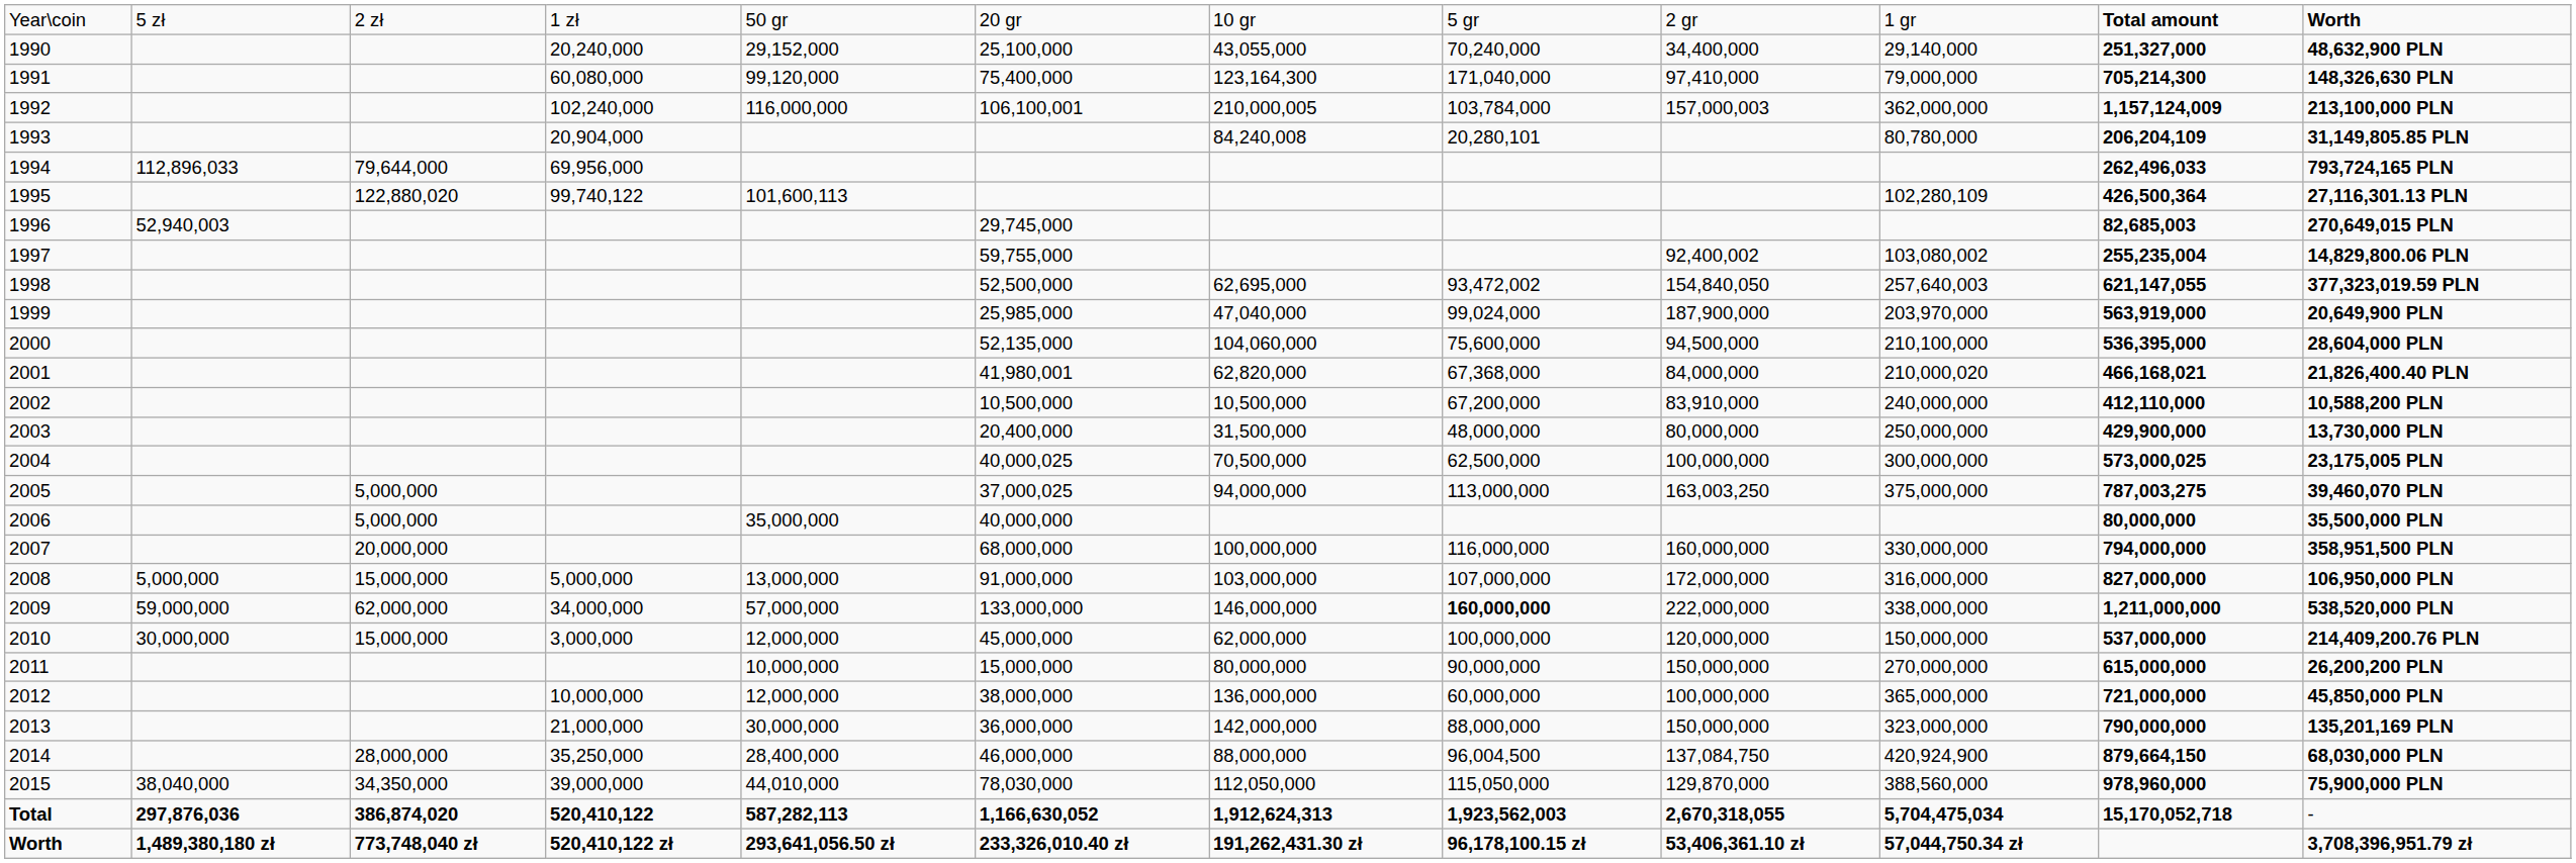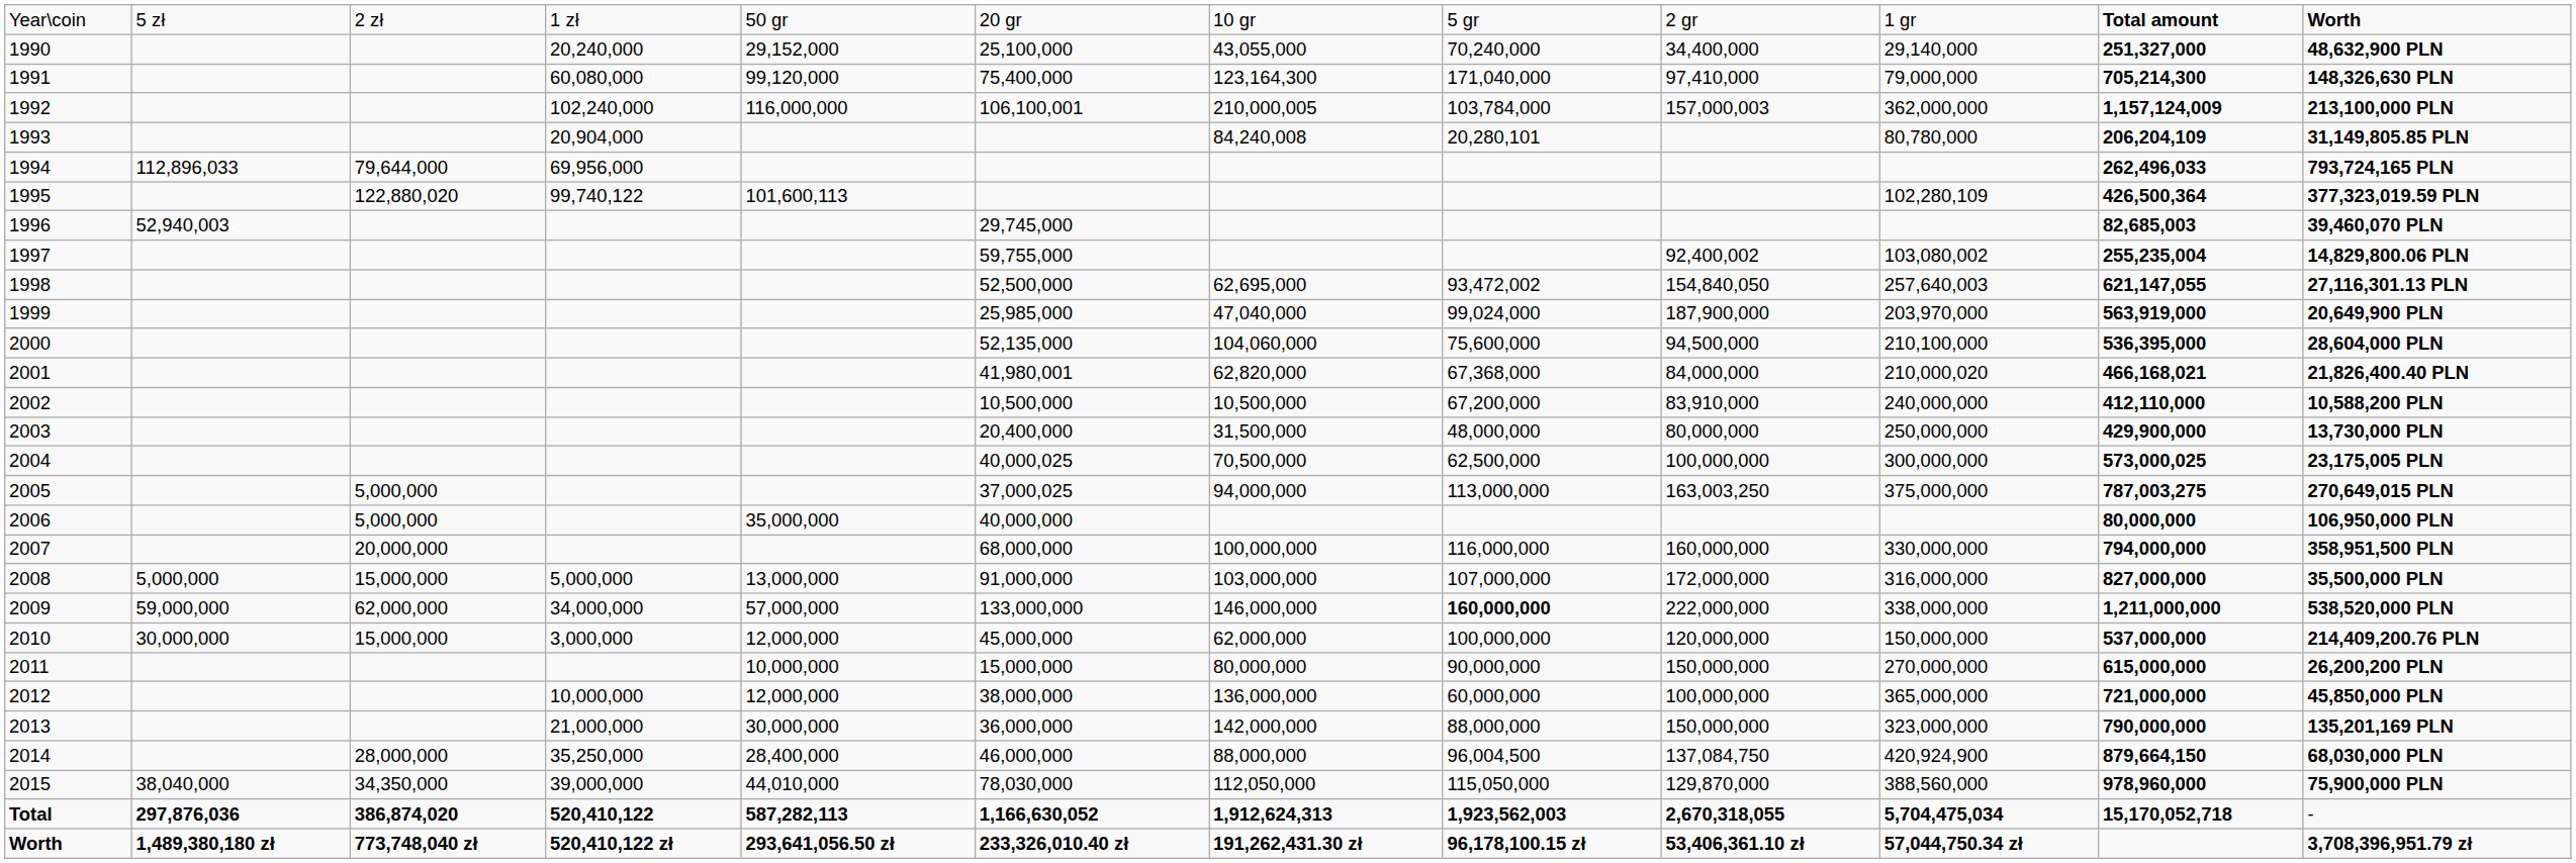 <table class="wikitable" style="font-size: 90%; width: 100%">
 <tr>
 <td>Year\coin</td>
 <td>5 zł</td>
 <td>2 zł</td>
 <td>1 zł</td>
 <td>50 gr</td>
 <td>20 gr</td>
 <td>10 gr</td>
 <td>5 gr</td>
 <td>2 gr</td>
 <td>1 gr</td>
 <td><strong>Total amount</strong></td>
 <td><strong>Worth</strong></td>
 </tr>
 <tr>
 <td>1990</td>
 <td></td>
 <td></td>
 <td>20,240,000</td>
 <td>29,152,000</td>
 <td>25,100,000</td>
 <td>43,055,000</td>
 <td>70,240,000</td>
 <td>34,400,000</td>
 <td>29,140,000</td>
 <td><strong>251,327,000</strong></td>
 <td><strong>48,632,900 PLN</strong></td>
 </tr>
 <tr>
 <td>1991</td>
 <td></td>
 <td></td>
 <td>60,080,000</td>
 <td>99,120,000</td>
 <td>75,400,000</td>
 <td>123,164,300</td>
 <td>171,040,000</td>
 <td>97,410,000</td>
 <td>79,000,000</td>
 <td><strong>705,214,300</strong></td>
 <td><strong>148,326,630 PLN</strong></td>
 </tr>
 <tr>
 <td>1992</td>
 <td></td>
 <td></td>
 <td>102,240,000</td>
 <td>116,000,000</td>
 <td>106,100,001</td>
 <td>210,000,005</td>
 <td>103,784,000</td>
 <td>157,000,003</td>
 <td>362,000,000</td>
 <td><strong>1,157,124,009</strong></td>
 <td><strong>213,100,000 PLN</strong></td>
 </tr>
 <tr>
 <td>1993</td>
 <td></td>
 <td></td>
 <td>20,904,000</td>
 <td></td>
 <td></td>
 <td>84,240,008</td>
 <td>20,280,101</td>
 <td></td>
 <td>80,780,000</td>
 <td><strong>206,204,109</strong></td>
 <td><strong>31,149,805.85 PLN</strong></td>
 </tr>
 <tr>
 <td>1994</td>
 <td>112,896,033</td>
 <td>79,644,000</td>
 <td>69,956,000</td>
 <td></td>
 <td></td>
 <td></td>
 <td></td>
 <td></td>
 <td></td>
 <td><strong>262,496,033</strong></td>
 <td><strong>793,724,165 PLN</strong></td>
 </tr>
 <tr>
 <td>1995</td>
 <td></td>
 <td>122,880,020</td>
 <td>99,740,122</td>
 <td>101,600,113</td>
 <td></td>
 <td></td>
 <td></td>
 <td></td>
 <td>102,280,109</td>
 <td><strong>426,500,364</strong></td>
-<td><strong>27,116,301.13 PLN</strong></td>
+<td><strong>377,323,019.59 PLN</strong></td>
 </tr>
 <tr>
 <td>1996</td>
 <td>52,940,003</td>
 <td></td>
 <td></td>
 <td></td>
 <td>29,745,000</td>
 <td></td>
 <td></td>
 <td></td>
 <td></td>
 <td><strong>82,685,003</strong></td>
-<td><strong>270,649,015 PLN</strong></td>
+<td><strong>39,460,070 PLN</strong></td>
 </tr>
 <tr>
 <td>1997</td>
 <td></td>
 <td></td>
 <td></td>
 <td></td>
 <td>59,755,000</td>
 <td></td>
 <td></td>
 <td>92,400,002</td>
 <td>103,080,002</td>
 <td><strong>255,235,004</strong></td>
 <td><strong>14,829,800.06 PLN</strong></td>
 </tr>
 <tr>
 <td>1998</td>
 <td></td>
 <td></td>
 <td></td>
 <td></td>
 <td>52,500,000</td>
 <td>62,695,000</td>
 <td>93,472,002</td>
 <td>154,840,050</td>
 <td>257,640,003</td>
 <td><strong>621,147,055</strong></td>
-<td><strong>377,323,019.59 PLN</strong></td>
+<td><strong>27,116,301.13 PLN</strong></td>
 </tr>
 <tr>
 <td>1999</td>
 <td></td>
 <td></td>
 <td></td>
 <td></td>
 <td>25,985,000</td>
 <td>47,040,000</td>
 <td>99,024,000</td>
 <td>187,900,000</td>
 <td>203,970,000</td>
 <td><strong>563,919,000</strong></td>
 <td><strong>20,649,900 PLN</strong></td>
 </tr>
 <tr>
 <td>2000</td>
 <td></td>
 <td></td>
 <td></td>
 <td></td>
 <td>52,135,000</td>
 <td>104,060,000</td>
 <td>75,600,000</td>
 <td>94,500,000</td>
 <td>210,100,000</td>
 <td><strong>536,395,000</strong></td>
 <td><strong>28,604,000 PLN</strong></td>
 </tr>
 <tr>
 <td>2001</td>
 <td></td>
 <td></td>
 <td></td>
 <td></td>
 <td>41,980,001</td>
 <td>62,820,000</td>
 <td>67,368,000</td>
 <td>84,000,000</td>
 <td>210,000,020</td>
 <td><strong>466,168,021</strong></td>
 <td><strong>21,826,400.40 PLN</strong></td>
 </tr>
 <tr>
 <td>2002</td>
 <td></td>
 <td></td>
 <td></td>
 <td></td>
 <td>10,500,000</td>
 <td>10,500,000</td>
 <td>67,200,000</td>
 <td>83,910,000</td>
 <td>240,000,000</td>
 <td><strong>412,110,000</strong></td>
 <td><strong>10,588,200 PLN</strong></td>
 </tr>
 <tr>
 <td>2003</td>
 <td></td>
 <td></td>
 <td></td>
 <td></td>
 <td>20,400,000</td>
 <td>31,500,000</td>
 <td>48,000,000</td>
 <td>80,000,000</td>
 <td>250,000,000</td>
 <td><strong>429,900,000</strong></td>
 <td><strong>13,730,000 PLN</strong></td>
 </tr>
 <tr>
 <td>2004</td>
 <td></td>
 <td></td>
 <td></td>
 <td></td>
 <td>40,000,025</td>
 <td>70,500,000</td>
 <td>62,500,000</td>
 <td>100,000,000</td>
 <td>300,000,000</td>
 <td><strong>573,000,025</strong></td>
 <td><strong>23,175,005 PLN</strong></td>
 </tr>
 <tr>
 <td>2005</td>
 <td></td>
 <td>5,000,000</td>
 <td></td>
 <td></td>
 <td>37,000,025</td>
 <td>94,000,000</td>
 <td>113,000,000</td>
 <td>163,003,250</td>
 <td>375,000,000</td>
 <td><strong>787,003,275</strong></td>
-<td><strong>39,460,070 PLN</strong></td>
+<td><strong>270,649,015 PLN</strong></td>
 </tr>
 <tr>
 <td>2006</td>
 <td></td>
 <td>5,000,000</td>
 <td></td>
 <td>35,000,000</td>
 <td>40,000,000</td>
 <td></td>
 <td></td>
 <td></td>
 <td></td>
 <td><strong>80,000,000</strong></td>
-<td><strong>35,500,000 PLN</strong></td>
+<td><strong>106,950,000 PLN</strong></td>
 </tr>
 <tr>
 <td>2007</td>
 <td></td>
 <td>20,000,000</td>
 <td></td>
 <td></td>
 <td>68,000,000</td>
 <td>100,000,000</td>
 <td>116,000,000</td>
 <td>160,000,000</td>
 <td>330,000,000</td>
 <td><strong>794,000,000</strong></td>
 <td><strong>358,951,500 PLN</strong></td>
 </tr>
 <tr>
 <td>2008</td>
 <td>5,000,000</td>
 <td>15,000,000</td>
 <td>5,000,000</td>
 <td>13,000,000</td>
 <td>91,000,000</td>
 <td>103,000,000</td>
 <td>107,000,000</td>
 <td>172,000,000</td>
 <td>316,000,000</td>
 <td><strong>827,000,000</strong></td>
-<td><strong>106,950,000 PLN</strong></td>
+<td><strong>35,500,000 PLN</strong></td>
 </tr>
 <tr>
 <td>2009</td>
 <td>59,000,000</td>
 <td>62,000,000</td>
 <td>34,000,000</td>
 <td>57,000,000</td>
 <td>133,000,000</td>
 <td>146,000,000</td>
 <td><strong>160,000,000</strong></td>
 <td>222,000,000</td>
 <td>338,000,000</td>
 <td><strong>1,211,000,000</strong></td>
 <td><strong>538,520,000 PLN</strong></td>
 </tr>
 <tr>
 <td>2010</td>
 <td>30,000,000</td>
 <td>15,000,000</td>
 <td>3,000,000</td>
 <td>12,000,000</td>
 <td>45,000,000</td>
 <td>62,000,000</td>
 <td>100,000,000</td>
 <td>120,000,000</td>
 <td>150,000,000</td>
 <td><strong>537,000,000</strong></td>
 <td><strong>214,409,200.76 PLN</strong></td>
 </tr>
 <tr>
 <td>2011</td>
 <td></td>
 <td></td>
 <td></td>
 <td>10,000,000</td>
 <td>15,000,000</td>
 <td>80,000,000</td>
 <td>90,000,000</td>
 <td>150,000,000</td>
 <td>270,000,000</td>
 <td><strong>615,000,000</strong></td>
 <td><strong>26,200,200 PLN</strong></td>
 </tr>
 <tr>
 <td>2012</td>
 <td></td>
 <td></td>
 <td>10,000,000</td>
 <td>12,000,000</td>
 <td>38,000,000</td>
 <td>136,000,000</td>
 <td>60,000,000</td>
 <td>100,000,000</td>
 <td>365,000,000</td>
 <td><strong>721,000,000</strong></td>
 <td><strong>45,850,000 PLN</strong></td>
 </tr>
 <tr>
 <td>2013</td>
 <td></td>
 <td></td>
 <td>21,000,000</td>
 <td>30,000,000</td>
 <td>36,000,000</td>
 <td>142,000,000</td>
 <td>88,000,000</td>
 <td>150,000,000</td>
 <td>323,000,000</td>
 <td><strong>790,000,000</strong></td>
 <td><strong>135,201,169 PLN</strong></td>
 </tr>
 <tr>
 <td>2014</td>
 <td></td>
 <td>28,000,000</td>
 <td>35,250,000</td>
 <td>28,400,000</td>
 <td>46,000,000</td>
 <td>88,000,000</td>
 <td>96,004,500</td>
 <td>137,084,750</td>
 <td>420,924,900</td>
 <td><strong>879,664,150</strong></td>
 <td><strong>68,030,000 PLN</strong></td>
 </tr>
 <tr>
 <td>2015</td>
 <td>38,040,000</td>
 <td>34,350,000</td>
 <td>39,000,000</td>
 <td>44,010,000</td>
 <td>78,030,000</td>
 <td>112,050,000</td>
 <td>115,050,000</td>
 <td>129,870,000</td>
 <td>388,560,000</td>
 <td><strong>978,960,000</strong></td>
 <td><strong>75,900,000 PLN</strong></td>
 </tr>
 <tr>
 <td><strong>Total</strong></td>
 <td><strong>297,876,036</strong></td>
 <td><strong>386,874,020</strong></td>
 <td><strong>520,410,122</strong></td>
 <td><strong>587,282,113</strong></td>
 <td><strong>1,166,630,052</strong></td>
 <td><strong>1,912,624,313</strong></td>
 <td><strong>1,923,562,003</strong></td>
 <td><strong>2,670,318,055</strong></td>
 <td><strong>5,704,475,034</strong></td>
 <td><strong>15,170,052,718</strong></td>
 <td>-</td>
 </tr>
 <tr>
 <td><strong>Worth</strong></td>
 <td><strong>1,489,380,180 zł</strong></td>
 <td><strong>773,748,040 zł</strong></td>
 <td><strong>520,410,122 zł</strong></td>
 <td><strong>293,641,056.50 zł</strong></td>
 <td><strong>233,326,010.40 zł</strong></td>
 <td><strong>191,262,431.30 zł</strong></td>
 <td><strong>96,178,100.15 zł</strong></td>
 <td><strong>53,406,361.10 zł</strong></td>
 <td><strong>57,044,750.34 zł</strong></td>
 <td></td>
 <td><strong>3,708,396,951.79 zł</strong></td>
 </tr>
 <tr>
 </tr>
 </table>
